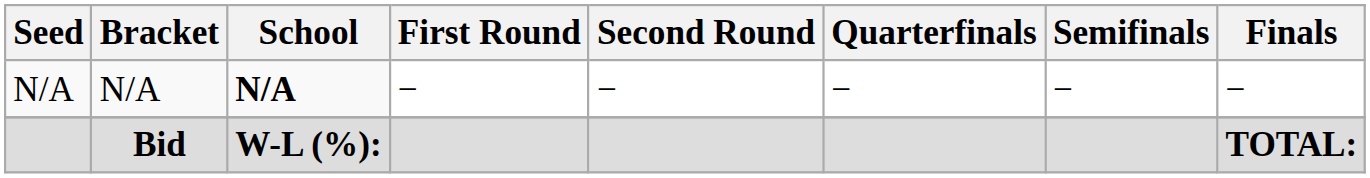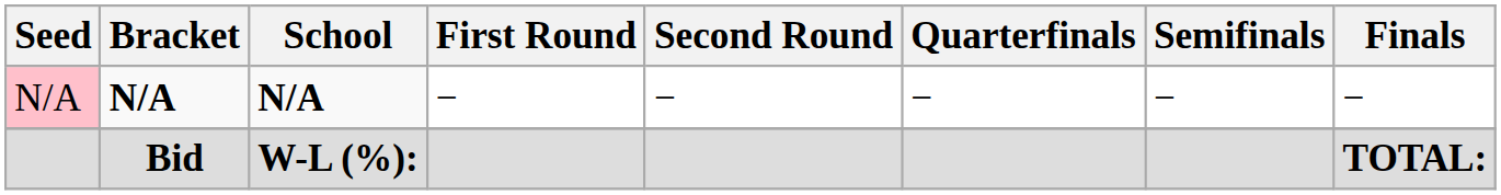 <table class="sortable wikitable" style="white-space:nowrap; font-size:100%;">
 <tr>
 <th>Seed</th>
 <th>Bracket</th>
 <th>School</th>
 <th>First Round</th>
 <th>Second Round</th>
 <th>Quarterfinals</th>
 <th>Semifinals</th>
 <th>Finals</th>
 </tr>
 <tr>
-<td>N/A</td>
-<td>N/A</td>
+<td style="background: pink;">N/A</td>
+<td><strong>N/A</strong></td>
 <td><strong>N/A</strong></td>
 <td style="background:#fff;">−</td>
 <td style="background:#fff;">−</td>
 <td style="background:#fff;">−</td>
 <td style="background:#fff;">−</td>
 <td style="background:#fff;">−</td>
 </tr>
 <tr>
 </tr>
 <tr class="sortbottom" style="text-align:center; background:#ddd;">
 <td></td>
 <td><strong>Bid</strong></td>
 <td><strong>W-L (%):</strong></td>
 <td></td>
 <td></td>
 <td></td>
 <td></td>
 <td><strong>TOTAL:</strong> </td>
 </tr>
 </table>
